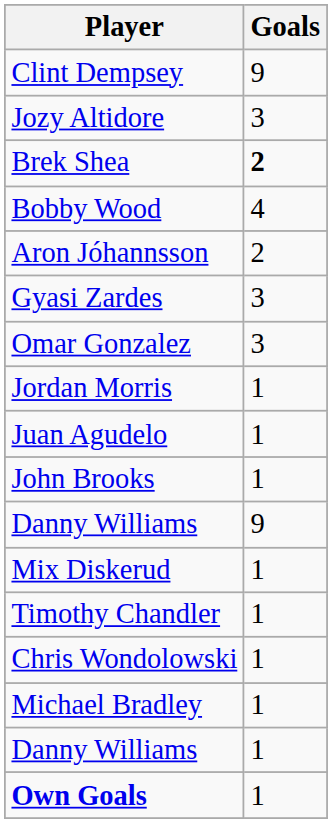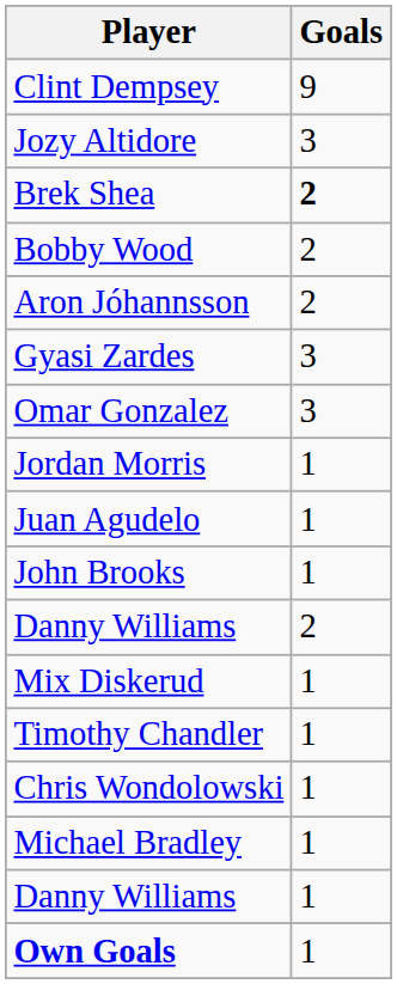 <table class="wikitable sortable" style="text-align: left;">
 <tr>
 <th>Player</th>
 <th>Goals</th>
 </tr>
 <tr>
 <td><a href='#'>Clint Dempsey</a></td>
 <td>9</td>
 </tr>
 <tr>
 <td><a href='#'>Jozy Altidore</a></td>
 <td>3</td>
 </tr>
 <tr>
 <td><a href='#'>Brek Shea</a></td>
 <td><strong>2</strong></td>
 </tr>
 <tr>
 <td><a href='#'>Bobby Wood</a></td>
-<td>4</td>
+<td>2</td>
 </tr>
 <tr>
 <td><a href='#'>Aron Jóhannsson</a></td>
 <td>2</td>
 </tr>
 <tr>
 <td><a href='#'>Gyasi Zardes</a></td>
 <td>3</td>
 </tr>
 <tr>
 <td><a href='#'>Omar Gonzalez</a></td>
 <td>3</td>
 </tr>
 <tr>
 <td><a href='#'>Jordan Morris</a></td>
 <td>1</td>
 </tr>
 <tr>
 <td><a href='#'>Juan Agudelo</a></td>
 <td>1</td>
 </tr>
 <tr>
 <td><a href='#'>John Brooks</a></td>
 <td>1</td>
 </tr>
 <tr>
 <td><a href='#'>Danny Williams</a></td>
-<td>9</td>
+<td>2</td>
 </tr>
 <tr>
 <td><a href='#'>Mix Diskerud</a></td>
 <td>1</td>
 </tr>
 <tr>
 <td><a href='#'>Timothy Chandler</a></td>
 <td>1</td>
 </tr>
 <tr>
 <td><a href='#'>Chris Wondolowski</a></td>
 <td>1</td>
 </tr>
 <tr>
 <td><a href='#'>Michael Bradley</a></td>
 <td>1</td>
 </tr>
 <tr>
 <td><a href='#'>Danny Williams</a></td>
 <td>1</td>
 </tr>
 <tr>
 <td><strong><a href='#'>Own Goals</a></strong></td>
 <td>1</td>
 </tr>
 <tr>
 </tr>
 </table>
